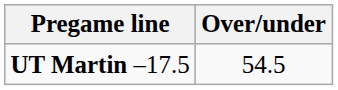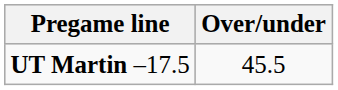 <table class="wikitable">
 <tr align="center">
 <th>Pregame line</th>
 <th>Over/under</th>
 </tr>
 <tr align="center">
 <td><strong>UT Martin</strong> –17.5</td>
-<td>54.5</td>
+<td>45.5</td>
 </tr>
 </table>
